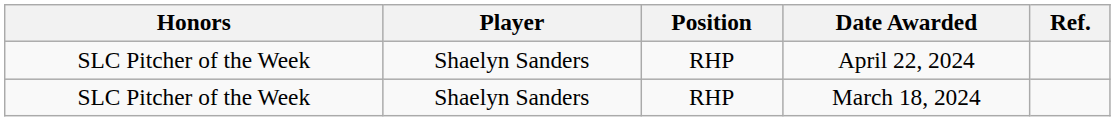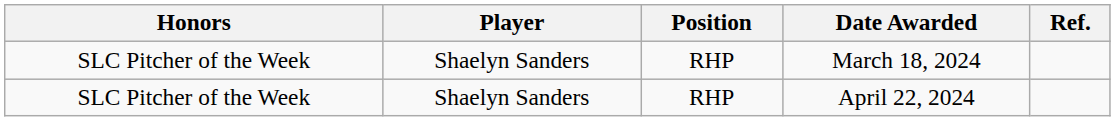 <table class="wikitable" style="width: 60%;text-align: center;">
 <tr>
 <th>Honors</th>
 <th>Player</th>
 <th>Position</th>
 <th>Date Awarded</th>
 <th>Ref.</th>
 </tr>
 <tr align="center">
 <td rowspan="1">SLC Pitcher of the Week</td>
 <td>Shaelyn Sanders</td>
 <td>RHP</td>
-<td>April 22, 2024</td>
+<td>March 18, 2024</td>
 <td></td>
 </tr>
 <tr align="center">
 <td rowspan="1">SLC Pitcher of the Week</td>
 <td>Shaelyn Sanders</td>
 <td>RHP</td>
-<td>March 18, 2024</td>
+<td>April 22, 2024</td>
 <td></td>
 </tr>
 </table>
